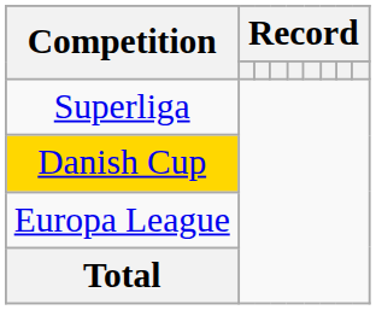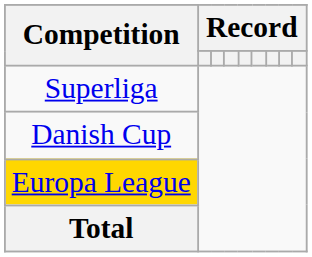 <table class="wikitable" style="text-align: center">
 <tr>
 <th rowspan=2>Competition</th>
 <th colspan=8>Record</th>
 </tr>
 <tr>
 <th></th>
 <th></th>
 <th></th>
 <th></th>
 <th></th>
 <th></th>
 <th></th>
 <th></th>
 </tr>
 <tr>
 <td><a href='#'>Superliga</a><br></td>
 </tr>
 <tr>
-<td style="background: gold;"><a href='#'>Danish Cup</a><br></td>
+<td><a href='#'>Danish Cup</a><br></td>
 </tr>
 <tr>
-<td><a href='#'>Europa League</a><br></td>
+<td style="background: gold;"><a href='#'>Europa League</a><br></td>
 </tr>
 <tr>
 <th>Total<br></th>
 </tr>
 </table>
